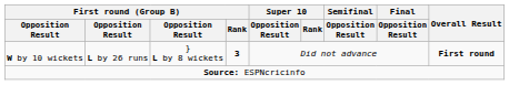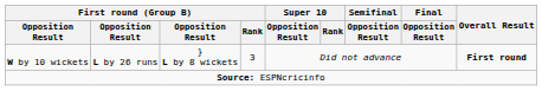 <table class=wikitable style=font-size:90%;text-align:center>
 <tr>
 <th colspan=4>First round (Group B)</th>
 <th colspan=2>Super 10</th>
 <th>Semifinal</th>
 <th>Final</th>
 <th rowspan=2>Overall Result</th>
 </tr>
 <tr style=font-size:95%>
 <th>Opposition<br>Result</th>
 <th>Opposition<br>Result</th>
 <th>Opposition<br>Result</th>
 <th>Rank</th>
 <th>Opposition<br>Result</th>
 <th>Rank</th>
 <th>Opposition<br>Result</th>
 <th>Opposition<br>Result</th>
 </tr>
 <tr>
 <td><br><strong>W</strong> by 10 wickets</td>
 <td><br><strong>L</strong> by 26 runs</td>
 <td>}<br><strong>L</strong> by 8 wickets</td>
-<td><strong>3</strong></td>
+<td>3</td>
 <td colspan="4"><em>Did not advance</em></td>
 <td><strong>First round</strong></td>
 </tr>
 <tr>
 <td colspan="11"><strong>Source:</strong> ESPNcricinfo</td>
 </tr>
 </table>
